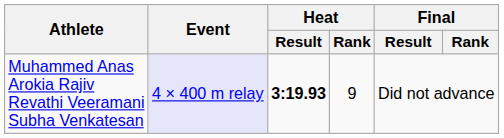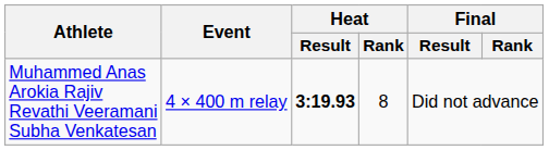 <table class="wikitable" style="font-size:90%">
 <tr>
 <th rowspan="2">Athlete</th>
 <th rowspan="2">Event</th>
 <th colspan="2">Heat</th>
 <th colspan="2">Final</th>
 </tr>
 <tr style="font-size:95%">
 <th>Result</th>
 <th>Rank</th>
 <th>Result</th>
 <th>Rank</th>
 </tr>
 <tr align=center>
 <td align=left><a href='#'>Muhammed Anas</a> <br> <a href='#'>Arokia Rajiv</a> <br> <a href='#'>Revathi Veeramani</a> <br> <a href='#'>Subha Venkatesan</a></td>
-<td align=left style="background: lavender;"><a href='#'>4 × 400 m relay</a></td>
+<td align=left><a href='#'>4 × 400 m relay</a></td>
 <td><strong>3:19.93</strong></td>
-<td>9</td>
+<td>8</td>
 <td colspan=2>Did not advance</td>
 </tr>
 </table>
